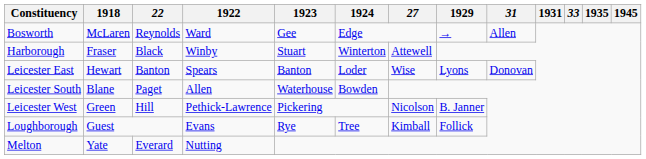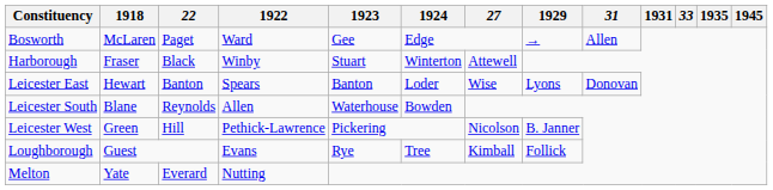 <table class="wikitable">
 <tr>
 <th>Constituency</th>
 <th>1918</th>
 <th><em>22</em></th>
 <th>1922</th>
 <th>1923</th>
 <th>1924</th>
 <th><em>27</em></th>
 <th>1929</th>
 <th><em>31</em></th>
 <th>1931</th>
 <th><em>33</em></th>
 <th>1935</th>
 <th>1945</th>
 </tr>
 <tr>
 <td><a href='#'>Bosworth</a></td>
 <td><a href='#'>McLaren</a></td>
-<td><a href='#'>Reynolds</a></td>
+<td><a href='#'>Paget</a></td>
 <td bgcolor=><a href='#'>Ward</a></td>
 <td><a href='#'>Gee</a></td>
 <td colspan="2" bgcolor=><a href='#'>Edge</a></td>
 <td><a href='#'>→</a></td>
 <td><a href='#'>Allen</a></td>
 </tr>
 <tr>
 <td><a href='#'>Harborough</a></td>
 <td><a href='#'>Fraser</a></td>
 <td><a href='#'>Black</a></td>
 <td><a href='#'>Winby</a></td>
 <td><a href='#'>Stuart</a></td>
 <td><a href='#'>Winterton</a></td>
 <td><a href='#'>Attewell</a></td>
 </tr>
 <tr>
 <td><a href='#'>Leicester East</a></td>
 <td><a href='#'>Hewart</a></td>
 <td><a href='#'>Banton</a></td>
 <td><a href='#'>Spears</a></td>
 <td><a href='#'>Banton</a></td>
 <td><a href='#'>Loder</a></td>
 <td><a href='#'>Wise</a></td>
 <td><a href='#'>Lyons</a></td>
 <td><a href='#'>Donovan</a></td>
 </tr>
 <tr>
 <td><a href='#'>Leicester South</a></td>
 <td><a href='#'>Blane</a></td>
-<td><a href='#'>Paget</a></td>
+<td><a href='#'>Reynolds</a></td>
 <td bgcolor=><a href='#'>Allen</a></td>
 <td><a href='#'>Waterhouse</a></td>
 <td><a href='#'>Bowden</a></td>
 </tr>
 <tr>
 <td><a href='#'>Leicester West</a></td>
 <td><a href='#'>Green</a></td>
 <td><a href='#'>Hill</a></td>
 <td><a href='#'>Pethick-Lawrence</a></td>
 <td colspan="2"><a href='#'>Pickering</a></td>
 <td><a href='#'>Nicolson</a></td>
 <td><a href='#'>B. Janner</a></td>
 </tr>
 <tr>
 <td><a href='#'>Loughborough</a></td>
 <td colspan="2"><a href='#'>Guest</a></td>
 <td><a href='#'>Evans</a></td>
 <td><a href='#'>Rye</a></td>
 <td><a href='#'>Tree</a></td>
 <td><a href='#'>Kimball</a></td>
 <td><a href='#'>Follick</a></td>
 </tr>
 <tr>
 <td><a href='#'>Melton</a></td>
 <td><a href='#'>Yate</a></td>
 <td><a href='#'>Everard</a></td>
 <td><a href='#'>Nutting</a></td>
 </tr>
 </table>
